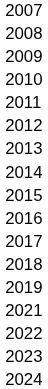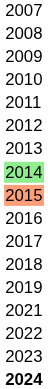 <table>
 <tr>
 <td>2007</td>
 <td></td>
 <td></td>
 <td></td>
 </tr>
 <tr>
 <td>2008</td>
 <td></td>
 <td></td>
 <td></td>
 </tr>
 <tr>
 <td>2009</td>
 <td></td>
 <td></td>
 <td></td>
 </tr>
 <tr>
 <td>2010</td>
 <td></td>
 <td></td>
 <td></td>
 </tr>
 <tr>
 <td>2011</td>
 <td></td>
 <td></td>
 <td></td>
 </tr>
 <tr>
 <td>2012</td>
 <td></td>
 <td></td>
 <td></td>
 </tr>
 <tr>
 <td>2013</td>
 <td></td>
 <td></td>
 <td></td>
 </tr>
 <tr>
-<td>2014</td>
+<td style="background: lightgreen;">2014</td>
 <td></td>
 <td></td>
 <td></td>
 </tr>
 <tr>
-<td>2015</td>
+<td style="background: lightsalmon;">2015</td>
 <td></td>
 <td></td>
 <td></td>
 <td></td>
 </tr>
 <tr>
 <td>2016</td>
 <td></td>
 <td></td>
 <td></td>
 </tr>
 <tr>
 <td>2017</td>
 <td></td>
 <td></td>
 <td></td>
 </tr>
 <tr>
 <td>2018</td>
 <td></td>
 <td></td>
 <td></td>
 </tr>
 <tr>
 <td>2019</td>
 <td></td>
 <td></td>
 <td></td>
 </tr>
 <tr>
 <td>2021</td>
 <td></td>
 <td></td>
 <td></td>
 </tr>
 <tr>
 <td>2022</td>
 <td></td>
 <td></td>
 <td></td>
 </tr>
 <tr>
 <td>2023</td>
 <td></td>
 <td></td>
 <td></td>
 <td></td>
 </tr>
 <tr>
-<td>2024</td>
+<td><strong>2024</strong></td>
 <td></td>
 <td></td>
 <td></td>
 <td></td>
 </tr>
 </table>
